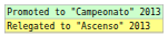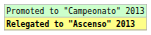 <table class="wikitable">
 <tr width=10px bgcolor="#ccffcc">
 <td>Promoted to "Campeonato" 2013</td>
 </tr>
 <tr width=10px bgcolor="#FFFF88">
-<td>Relegated to "Ascenso" 2013</td>
+<td><strong>Relegated to "Ascenso" 2013</strong></td>
 </tr>
 <tr>
 </tr>
 </table>
